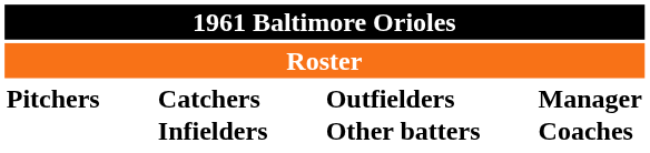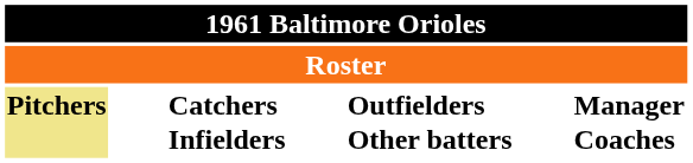 <table class="toccolours" style="font-size: 95%;">
 <tr>
 <th colspan="10" style="background-color: black; color: white; text-align: center;">1961 Baltimore Orioles</th>
 </tr>
 <tr>
 <td colspan="10" style="background-color: #F87217; color: white; text-align: center;"><strong>Roster</strong></td>
 </tr>
 <tr>
-<td valign="top"><strong>Pitchers</strong><br>            </td>
+<td valign="top" style="background: khaki;"><strong>Pitchers</strong><br>            </td>
 <td width="25px"></td>
 <td valign="top"><strong>Catchers</strong><br>     <strong>Infielders</strong>      </td>
 <td width="25px"></td>
 <td valign="top"><strong>Outfielders</strong><br>           <strong>Other batters</strong> </td>
 <td width="25px"></td>
 <td valign="top"><strong>Manager</strong><br>  <strong>Coaches</strong>   </td>
 </tr>
 <tr>
 </tr>
 </table>
